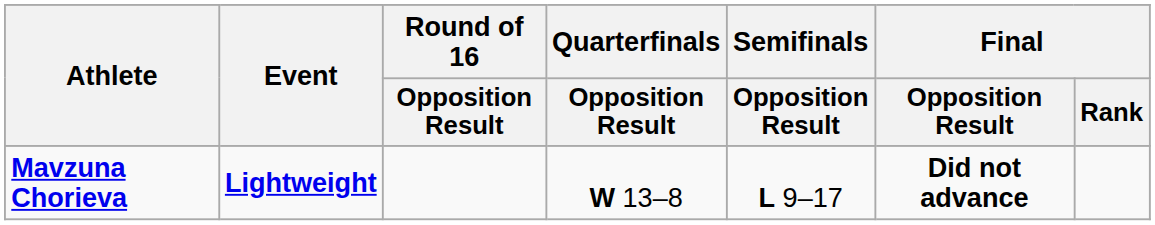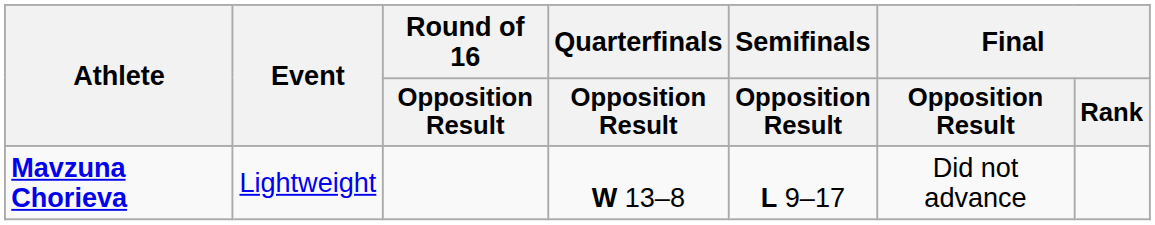 <table class="wikitable" style="font-size:90%">
 <tr>
 <th rowspan="2">Athlete</th>
 <th rowspan="2">Event</th>
 <th>Round of 16</th>
 <th>Quarterfinals</th>
 <th>Semifinals</th>
 <th colspan=2>Final</th>
 </tr>
 <tr style="font-size:95%">
 <th>Opposition<br>Result</th>
 <th>Opposition<br>Result</th>
 <th>Opposition<br>Result</th>
 <th>Opposition<br>Result</th>
 <th>Rank</th>
 </tr>
 <tr align=center>
 <td align=left><strong><a href='#'>Mavzuna Chorieva</a></strong></td>
-<td align=left><strong><a href='#'>Lightweight</a></strong></td>
+<td align=left><a href='#'>Lightweight</a></td>
 <td></td>
 <td><br><strong>W</strong> 13–8</td>
 <td><br><strong>L</strong> 9–17</td>
-<td><strong>Did not advance</strong></td>
+<td>Did not advance</td>
 <td></td>
 </tr>
 </table>
